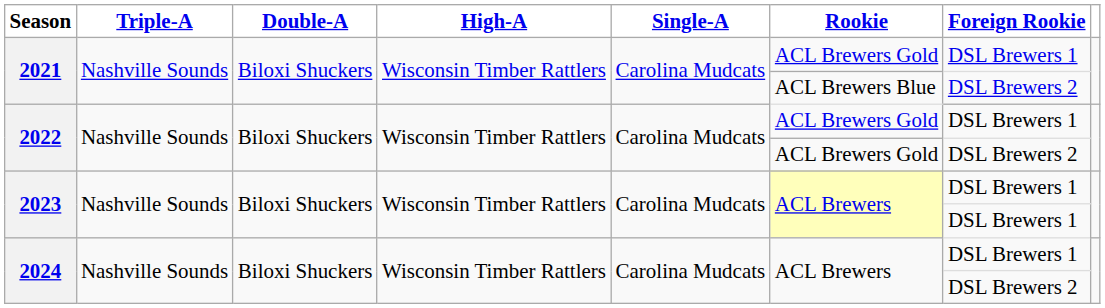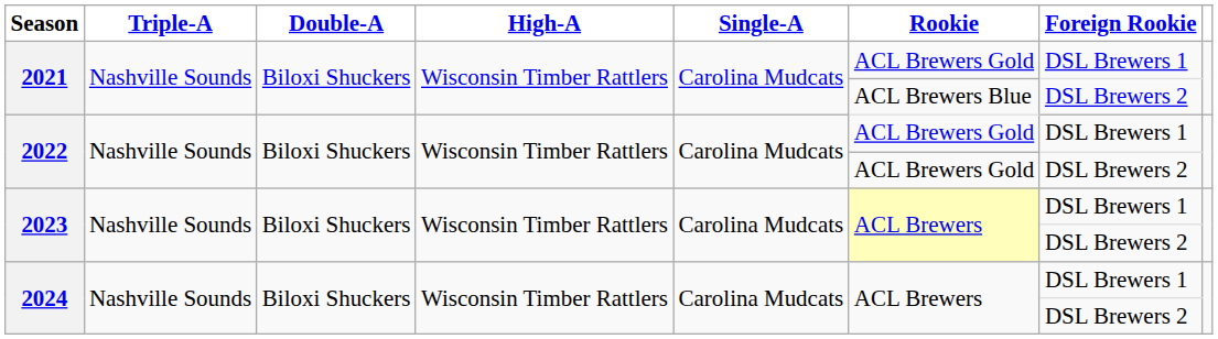 <table class="wikitable plainrowheaders">
 <tr>
 <th scope="col" style="background-color:#ffffff; border-top:#">Season</th>
 <th scope="col" style="background-color:#ffffff; border-top:#"><a href='#'>Triple-A</a></th>
 <th scope="col" style="background-color:#ffffff; border-top:#"><a href='#'>Double-A</a></th>
 <th scope="col" style="background-color:#ffffff; border-top:#"><a href='#'>High-A</a></th>
 <th scope="col" style="background-color:#ffffff; border-top:#"><a href='#'>Single-A</a></th>
 <th scope="col" style="background-color:#ffffff; border-top:#"><a href='#'>Rookie</a></th>
 <th scope="col" style="background-color:#ffffff; border-top:#"><a href='#'>Foreign Rookie</a></th>
 <th scope="col" style="background-color:#ffffff; border-top:#"></th>
 </tr>
 <tr>
 <th rowspan="2" scope="row" style="text-align:center"><a href='#'>2021</a></th>
 <td rowspan="2"><a href='#'>Nashville Sounds</a></td>
 <td rowspan="2"><a href='#'>Biloxi Shuckers</a></td>
 <td rowspan="2"><a href='#'>Wisconsin Timber Rattlers</a></td>
 <td rowspan="2"><a href='#'>Carolina Mudcats</a></td>
 <td><a href='#'>ACL Brewers Gold</a></td>
 <td style="border-bottom:#dddddd 1px solid"><a href='#'>DSL Brewers 1</a></td>
 <td rowspan="2" align="center"></td>
 </tr>
 <tr>
 <td style="border-bottom:#dddddd 1px solid">ACL Brewers Blue</td>
 <td><a href='#'>DSL Brewers 2</a></td>
 </tr>
 <tr>
 <th rowspan="2" scope="row" style="text-align:center"><a href='#'>2022</a></th>
 <td rowspan="2">Nashville Sounds</td>
 <td rowspan="2">Biloxi Shuckers</td>
 <td rowspan="2">Wisconsin Timber Rattlers</td>
 <td rowspan="2">Carolina Mudcats</td>
 <td><a href='#'>ACL Brewers Gold</a></td>
 <td style="border-bottom:#dddddd 1px solid">DSL Brewers 1</td>
 <td rowspan="2" align="center"></td>
 </tr>
 <tr>
 <td>ACL Brewers Gold</td>
 <td>DSL Brewers 2</td>
 </tr>
 <tr>
 <th rowspan="2" scope="row" style="text-align:center"><a href='#'>2023</a></th>
 <td rowspan="2">Nashville Sounds</td>
 <td rowspan="2">Biloxi Shuckers</td>
 <td rowspan="2">Wisconsin Timber Rattlers</td>
 <td rowspan="2">Carolina Mudcats</td>
 <td rowspan="2" style="background:#FFFFBB"><a href='#'>ACL Brewers</a></td>
 <td style="border-bottom:#dddddd 1px solid">DSL Brewers 1</td>
 <td rowspan="2" align="center"></td>
 </tr>
 <tr>
-<td style="border-bottom:#dddddd 1px solid">DSL Brewers 1</td>
+<td>DSL Brewers 2</td>
 </tr>
 <tr>
 <th rowspan="2" scope="row" style="text-align:center"><a href='#'>2024</a></th>
 <td rowspan="2">Nashville Sounds</td>
 <td rowspan="2">Biloxi Shuckers</td>
 <td rowspan="2">Wisconsin Timber Rattlers</td>
 <td rowspan="2">Carolina Mudcats</td>
 <td rowspan="2">ACL Brewers</td>
 <td style="border-bottom:#dddddd 1px solid">DSL Brewers 1</td>
 <td rowspan="2" align="center"></td>
 </tr>
 <tr>
 <td>DSL Brewers 2</td>
 </tr>
 </table>
